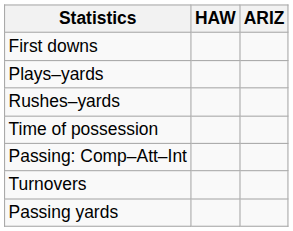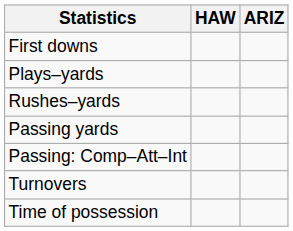 <table class="wikitable" style="float:left">
 <tr>
 <th>Statistics</th>
 <th>HAW</th>
 <th>ARIZ</th>
 </tr>
 <tr>
 <td>First downs</td>
 <td></td>
 <td></td>
 </tr>
 <tr>
 <td>Plays–yards</td>
 <td></td>
 <td></td>
 </tr>
 <tr>
 <td>Rushes–yards</td>
 <td></td>
 <td></td>
 </tr>
 <tr>
-<td>Time of possession</td>
+<td>Passing yards</td>
 <td></td>
 <td></td>
 </tr>
 <tr>
 <td>Passing: Comp–Att–Int</td>
 <td></td>
 <td></td>
 </tr>
 <tr>
 <td>Turnovers</td>
 <td></td>
 <td></td>
 </tr>
 <tr>
-<td>Passing yards</td>
+<td>Time of possession</td>
 <td></td>
 <td></td>
 </tr>
 </table>
